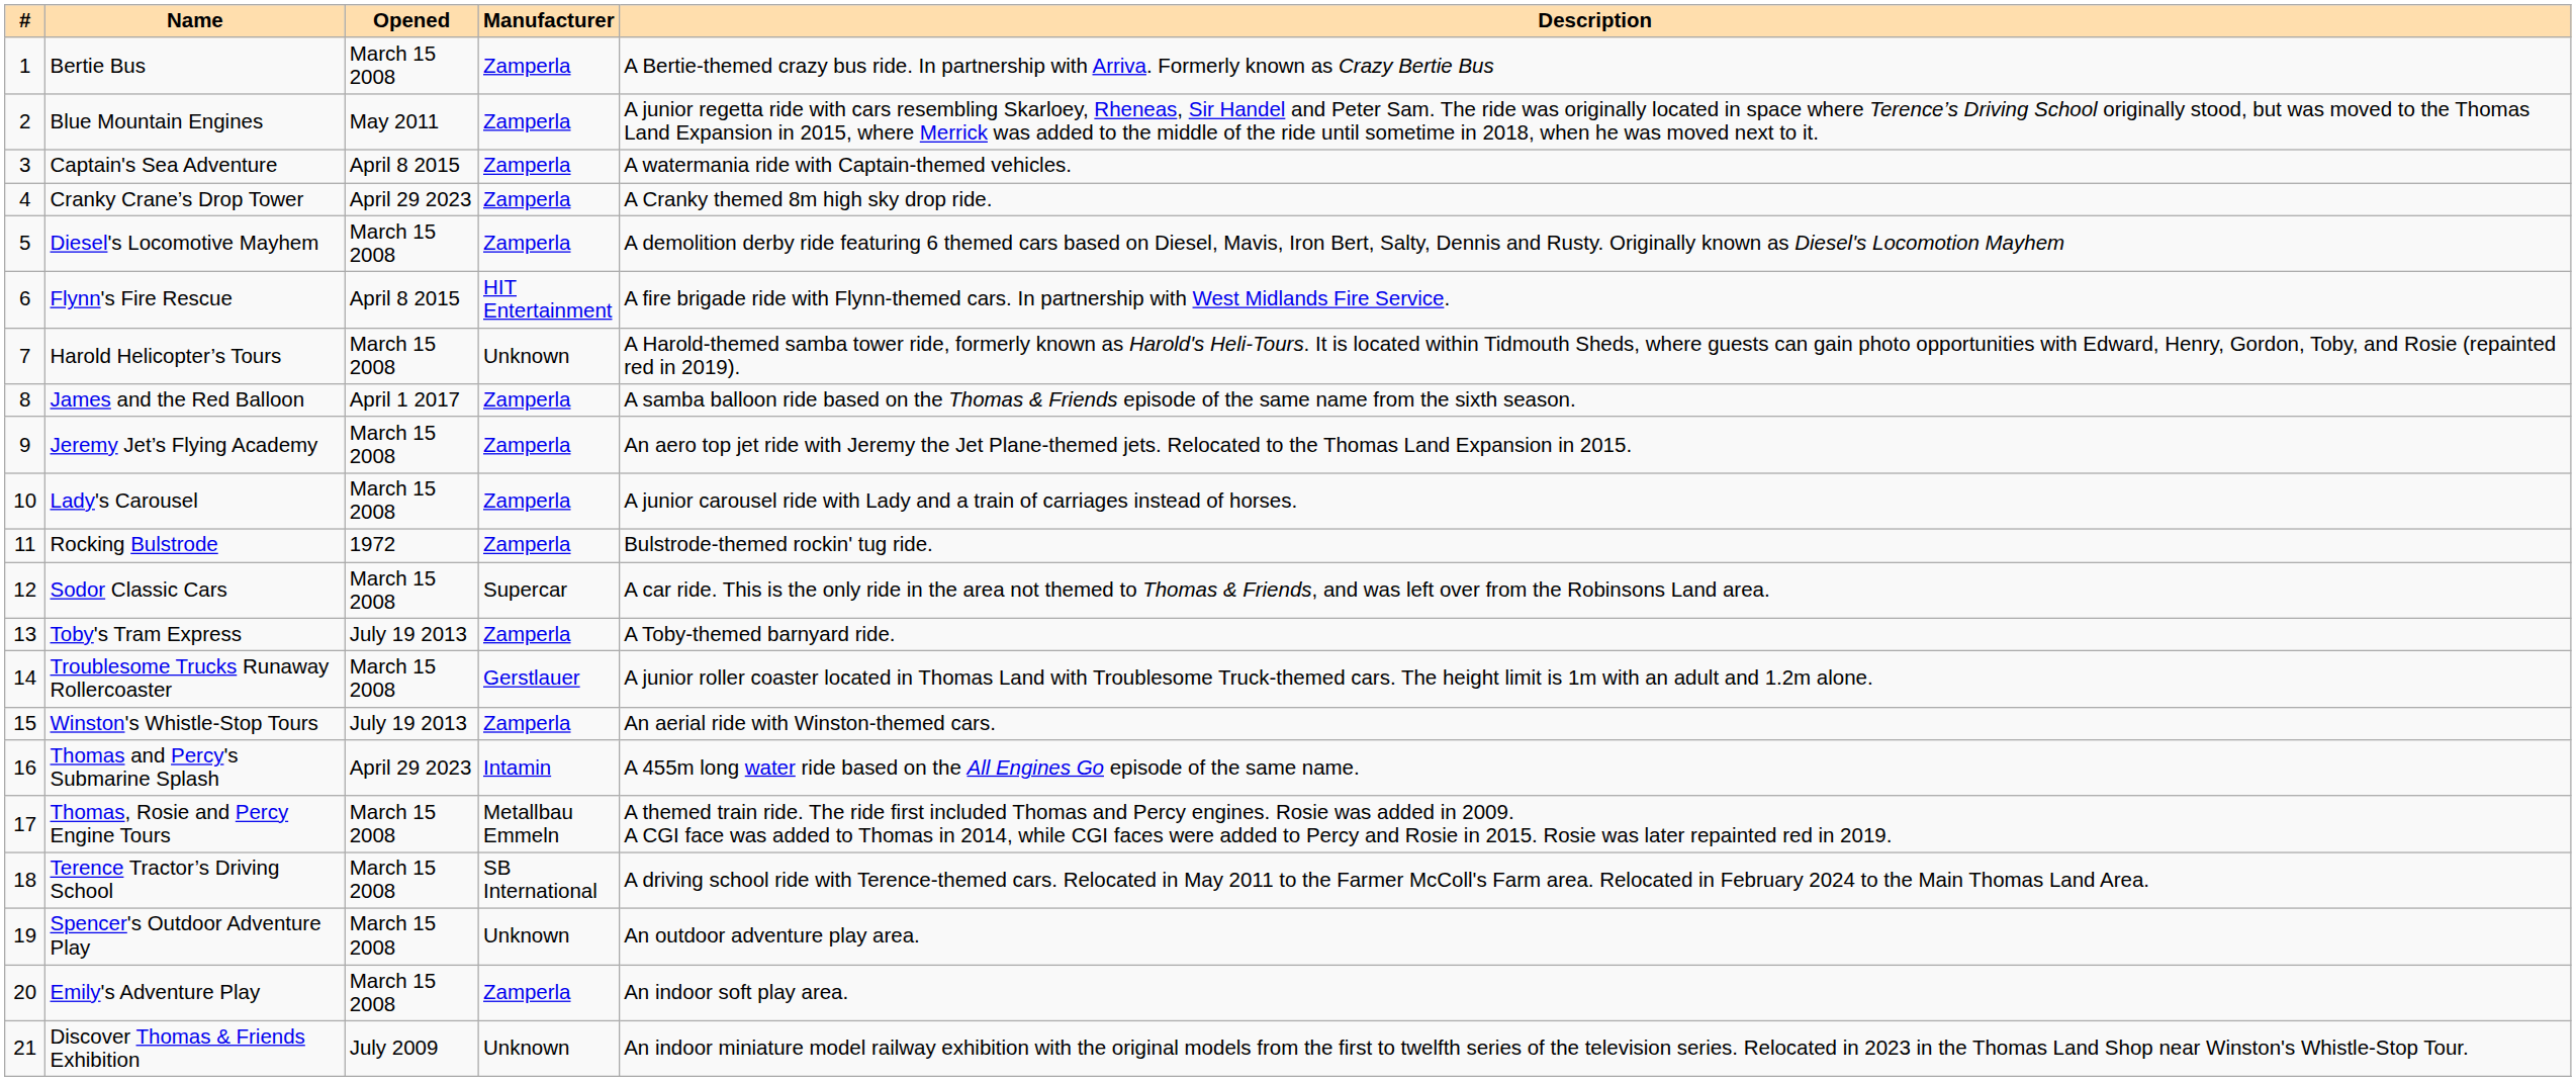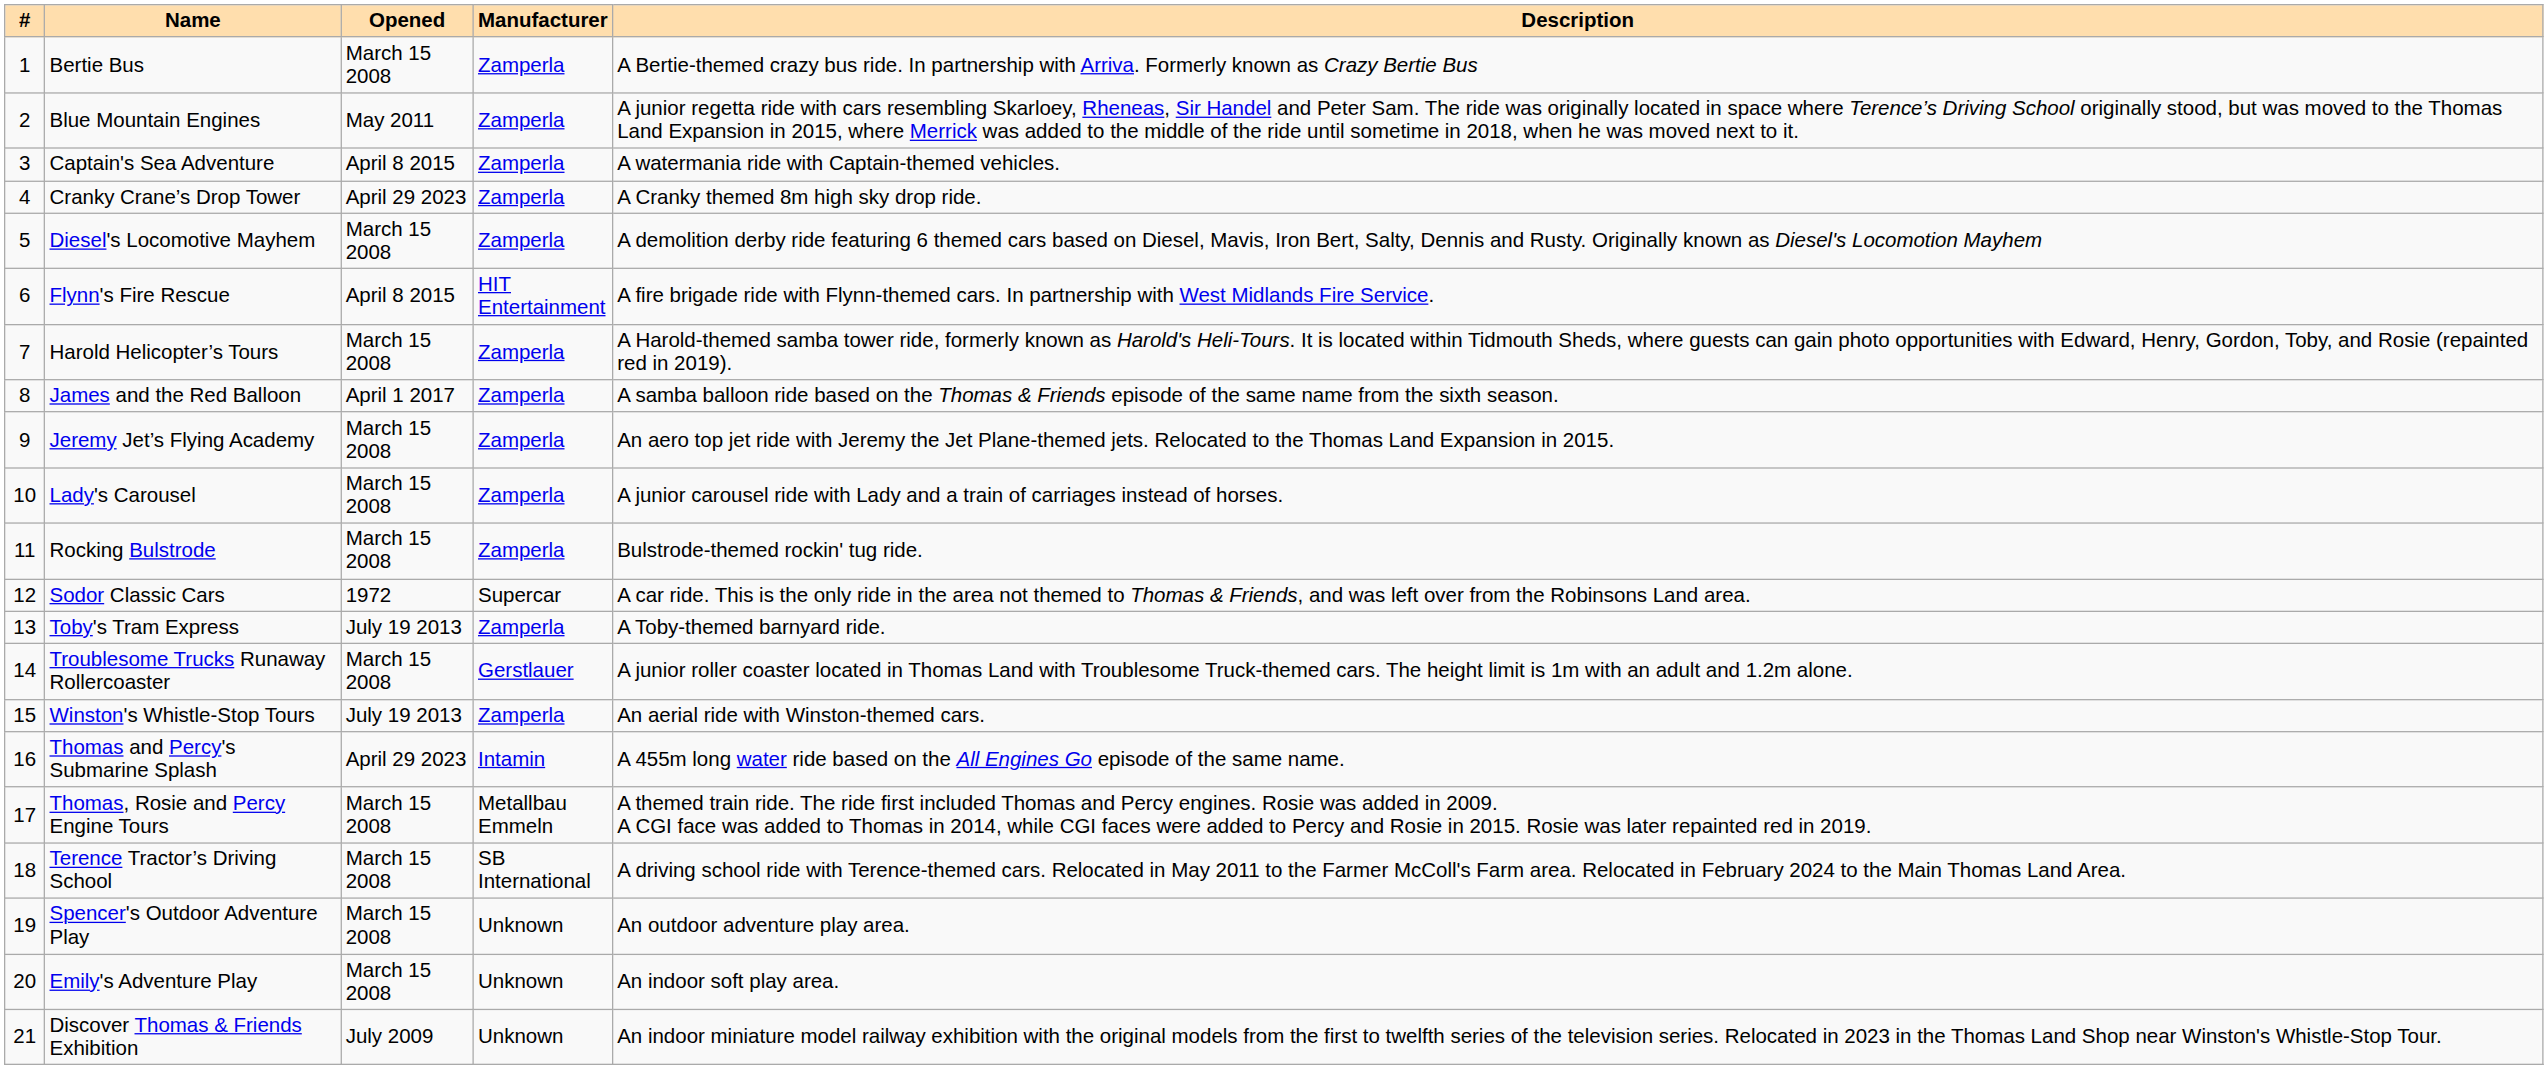 <table class="wikitable" style="width: 100%; font sizes: 95%;">
 <tr>
 <th style = "background-color: #FFDEAD; width: 1.5em;">#</th>
 <th style = "background-color: #FFDEAD; width: 14em;">Name</th>
 <th style = "background-color: #FFDEAD; width: 6em;">Opened</th>
 <th style = "background-color: #FFDEAD; width: 6em;">Manufacturer</th>
 <th style = "background-color: #FFDEAD;">Description</th>
 </tr>
 <tr>
 <td style = "text-align: center;">1</td>
 <td>Bertie Bus</td>
 <td>March 15 2008</td>
 <td><a href='#'>Zamperla</a></td>
 <td>A Bertie-themed crazy bus ride. In partnership with <a href='#'>Arriva</a>. Formerly known as <em>Crazy Bertie Bus</em></td>
 </tr>
 <tr>
 <td style = "text-align: center;">2</td>
 <td>Blue Mountain Engines</td>
 <td>May 2011</td>
 <td><a href='#'>Zamperla</a></td>
 <td>A junior regetta ride with cars resembling Skarloey, <a href='#'>Rheneas</a>, <a href='#'>Sir Handel</a> and Peter Sam. The ride was originally located in space where <em>Terence’s Driving School</em> originally stood, but was moved to the Thomas Land Expansion in 2015, where <a href='#'>Merrick</a> was added to the middle of the ride until sometime in 2018, when he was moved next to it.</td>
 </tr>
 <tr>
 <td style = "text-align: center;">3</td>
 <td>Captain's Sea Adventure</td>
 <td>April 8 2015</td>
 <td><a href='#'>Zamperla</a></td>
 <td>A watermania ride with Captain-themed vehicles.</td>
 </tr>
 <tr>
 <td style = "text-align: center;">4</td>
 <td>Cranky Crane’s Drop Tower</td>
 <td>April 29 2023</td>
 <td><a href='#'>Zamperla</a></td>
 <td>A Cranky themed 8m high sky drop ride.</td>
 </tr>
 <tr>
 <td style = "text-align: center;">5</td>
 <td><a href='#'>Diesel</a>'s Locomotive Mayhem</td>
 <td>March 15 2008</td>
 <td><a href='#'>Zamperla</a></td>
 <td>A demolition derby ride featuring 6 themed cars based on Diesel, Mavis, Iron Bert, Salty, Dennis and Rusty. Originally known as <em>Diesel's Locomotion Mayhem</em></td>
 </tr>
 <tr>
 <td style = "text-align: center;">6</td>
 <td><a href='#'>Flynn</a>'s Fire Rescue</td>
 <td>April 8 2015</td>
 <td><a href='#'>HIT Entertainment</a></td>
 <td>A fire brigade ride with Flynn-themed cars. In partnership with <a href='#'>West Midlands Fire Service</a>.</td>
 </tr>
 <tr>
 <td style = "text-align: center;">7</td>
 <td>Harold Helicopter’s Tours</td>
 <td>March 15 2008</td>
-<td>Unknown</td>
+<td><a href='#'>Zamperla</a></td>
 <td>A Harold-themed samba tower ride, formerly known as <em>Harold's Heli-Tours</em>. It is located within Tidmouth Sheds, where guests can gain photo opportunities with Edward, Henry, Gordon, Toby, and Rosie (repainted red in 2019).</td>
 </tr>
 <tr>
 <td style = "text-align: center;">8</td>
 <td><a href='#'>James</a> and the Red Balloon</td>
 <td>April 1 2017</td>
 <td><a href='#'>Zamperla</a></td>
 <td>A samba balloon ride based on the <em>Thomas & Friends</em> episode of the same name from the sixth season.</td>
 </tr>
 <tr>
 <td style = "text-align: center;">9</td>
 <td><a href='#'>Jeremy</a> Jet’s Flying Academy</td>
 <td>March 15 2008</td>
 <td><a href='#'>Zamperla</a></td>
 <td>An aero top jet ride with Jeremy the Jet Plane-themed jets. Relocated to the Thomas Land Expansion in 2015.</td>
 </tr>
 <tr>
 <td style = "text-align: center;">10</td>
 <td><a href='#'>Lady</a>'s Carousel</td>
 <td>March 15 2008</td>
 <td><a href='#'>Zamperla</a></td>
 <td>A junior carousel ride with Lady and a train of carriages instead of horses.</td>
 </tr>
 <tr>
 <td style = "text-align: center;">11</td>
 <td>Rocking <a href='#'>Bulstrode</a></td>
-<td>1972</td>
+<td>March 15 2008</td>
 <td><a href='#'>Zamperla</a></td>
 <td>Bulstrode-themed rockin' tug ride.</td>
 </tr>
 <tr>
 <td style = "text-align: center;">12</td>
 <td><a href='#'>Sodor</a> Classic Cars</td>
-<td>March 15 2008</td>
+<td>1972</td>
 <td>Supercar</td>
 <td>A car ride. This is the only ride in the area not themed to <em>Thomas & Friends</em>, and was left over from the Robinsons Land area.</td>
 </tr>
 <tr>
 <td style = "text-align: center;">13</td>
 <td><a href='#'>Toby</a>'s Tram Express</td>
 <td>July 19 2013</td>
 <td><a href='#'>Zamperla</a></td>
 <td>A Toby-themed barnyard ride.</td>
 </tr>
 <tr>
 <td style = "text-align: center;">14</td>
 <td><a href='#'>Troublesome Trucks</a> Runaway Rollercoaster</td>
 <td>March 15 2008</td>
 <td><a href='#'>Gerstlauer</a></td>
 <td>A junior roller coaster located in Thomas Land with Troublesome Truck-themed cars. The height limit is 1m with an adult and 1.2m alone.</td>
 </tr>
 <tr>
 <td style = "text-align: center;">15</td>
 <td><a href='#'>Winston</a>'s Whistle-Stop Tours</td>
 <td>July 19 2013</td>
 <td><a href='#'>Zamperla</a></td>
 <td>An aerial ride with Winston-themed cars.</td>
 </tr>
 <tr>
 <td style = "text-align: center;">16</td>
 <td><a href='#'>Thomas</a> and <a href='#'>Percy</a>'s Submarine Splash</td>
 <td>April 29 2023</td>
 <td><a href='#'>Intamin</a></td>
 <td>A 455m long <a href='#'>water</a> ride based on the <em><a href='#'>All Engines Go</a></em> episode of the same name.</td>
 </tr>
 <tr>
 <td style = "text-align: center;">17</td>
 <td><a href='#'>Thomas</a>, Rosie and <a href='#'>Percy</a> Engine Tours</td>
 <td>March 15 2008</td>
 <td>Metallbau Emmeln</td>
 <td>A themed train ride. The ride first included Thomas and Percy engines. Rosie was added in 2009.<br>A CGI face was added to Thomas in 2014, while CGI faces were added to Percy and Rosie in 2015. Rosie was later repainted red in 2019.</td>
 </tr>
 <tr>
 <td style = "text-align: center;">18</td>
 <td><a href='#'>Terence</a> Tractor’s Driving School</td>
 <td>March 15 2008</td>
 <td>SB International</td>
 <td>A driving school ride with Terence-themed cars. Relocated in May 2011 to the Farmer McColl's Farm area. Relocated in February 2024 to the Main Thomas Land Area.</td>
 </tr>
 <tr>
 <td style = "text-align: center;">19</td>
 <td><a href='#'>Spencer</a>'s Outdoor Adventure Play</td>
 <td>March 15 2008</td>
 <td>Unknown</td>
 <td>An outdoor adventure play area.</td>
 </tr>
 <tr>
 <td style = "text-align: center;">20</td>
 <td><a href='#'>Emily</a>'s Adventure Play</td>
 <td>March 15 2008</td>
-<td><a href='#'>Zamperla</a></td>
+<td>Unknown</td>
 <td>An indoor soft play area.</td>
 </tr>
 <tr>
 <td style = "text-align: center;">21</td>
 <td>Discover <a href='#'>Thomas & Friends</a> Exhibition</td>
 <td>July 2009</td>
 <td>Unknown</td>
 <td>An indoor miniature model railway exhibition with the original models from the first to twelfth series of the television series. Relocated in 2023 in the Thomas Land Shop near Winston's Whistle-Stop Tour.</td>
 </tr>
 <tr>
 </tr>
 </table>
